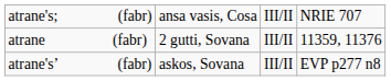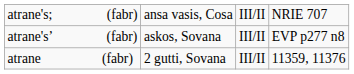 <table class="wikitable">
 <tr>
 <td>atrane's;                (fabr)</td>
 <td>ansa vasis,  Cosa</td>
 <td>III/II</td>
 <td>NRIE 707</td>
 </tr>
 <tr>
+<td>atrane's’                (fabr)</td>
+<td>askos, Sovana</td>
+<td>III/II</td>
+<td>EVP p277 n8</td>
+</tr>
+<tr>
 <td>atrane                  (fabr)</td>
 <td>2 gutti, Sovana</td>
 <td>III/II</td>
 <td>11359, 11376</td>
 </tr>
-<tr>
-<td>atrane's’                (fabr)</td>
-<td>askos, Sovana</td>
-<td>III/II</td>
-<td>EVP p277 n8</td>
-</tr>
 </table>
